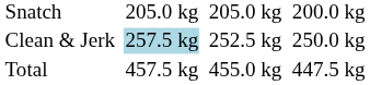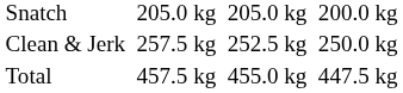 <table>
 <tr>
 <td>Snatch</td>
 <td></td>
 <td>205.0 kg</td>
 <td></td>
 <td>205.0 kg</td>
 <td></td>
 <td>200.0 kg</td>
 </tr>
 <tr>
 <td>Clean & Jerk</td>
 <td></td>
-<td style="background: lightblue;">257.5 kg</td>
+<td>257.5 kg</td>
 <td></td>
 <td>252.5 kg</td>
 <td></td>
 <td>250.0 kg</td>
 </tr>
 <tr>
 <td>Total</td>
 <td></td>
 <td>457.5 kg</td>
 <td></td>
 <td>455.0 kg</td>
 <td></td>
 <td>447.5 kg</td>
 </tr>
 </table>
